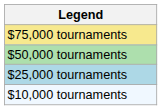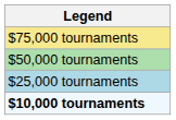 <table class="wikitable" style="font-size:90%; width:11%;">
 <tr>
 <th>Legend</th>
 </tr>
 <tr style="background:#f7e98e;">
 <td>$75,000 tournaments</td>
 </tr>
 <tr style="background:#addfad;">
 <td>$50,000 tournaments</td>
 </tr>
 <tr style="background:lightblue;">
 <td>$25,000 tournaments</td>
 </tr>
 <tr style="background:#f0f8ff;">
-<td>$10,000 tournaments</td>
+<td><strong>$10,000 tournaments</strong></td>
 </tr>
 </table>
